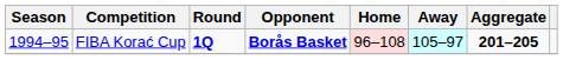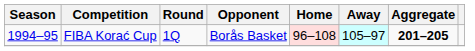 <table class="wikitable" style="text-align:left">
 <tr>
 <th>Season</th>
 <th>Competition</th>
 <th>Round</th>
 <th>Opponent</th>
 <th>Home</th>
 <th>Away</th>
 <th>Aggregate</th>
 <th></th>
 </tr>
 <tr>
 <td><a href='#'>1994–95</a></td>
 <td><a href='#'>FIBA Korać Cup</a></td>
-<td><strong><a href='#'>1Q</a></strong></td>
-<td><strong> <a href='#'>Borås Basket</a></strong></td>
+<td><a href='#'>1Q</a></td>
+<td> <a href='#'>Borås Basket</a></td>
 <td bgcolor="#ffdddd" style="text-align:center;">96–108</td>
 <td bgcolor="#CFF" style="text-align:center;">105–97</td>
 <td style="text-align:center;"><strong>201–205</strong></td>
 <td></td>
 </tr>
 <tr>
 </tr>
 </table>
